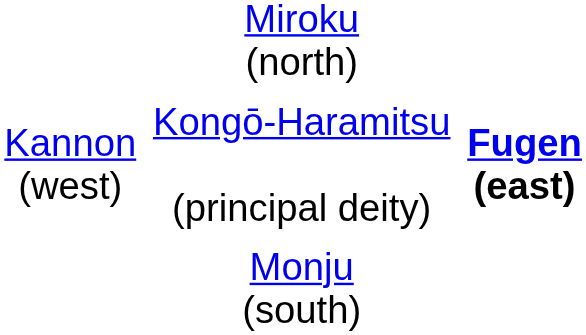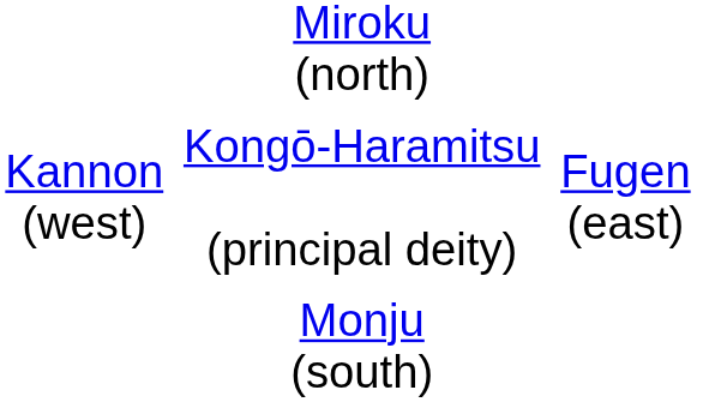 <table border="0" cellspacing="5">
 <tr>
 <td></td>
 <td align = "center"><a href='#'>Miroku</a><br>(north)</td>
 <td></td>
 </tr>
 <tr>
 <td align = "center"><a href='#'>Kannon</a><br>(west)</td>
 <td align = "center"><a href='#'>Kongō-Haramitsu</a><br><br>(principal deity)</td>
-<td align = "center"><strong><a href='#'>Fugen</a><br>(east)</strong></td>
+<td align = "center"><a href='#'>Fugen</a><br>(east)</td>
 </tr>
 <tr>
 <td></td>
 <td align = "center"><a href='#'>Monju</a><br>(south)</td>
 <td></td>
 </tr>
 </table>
